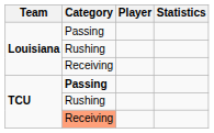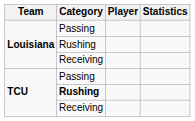 <table class="wikitable" style="float: right;">
 <tr>
 <th>Team</th>
 <th>Category</th>
 <th>Player</th>
 <th>Statistics</th>
 </tr>
 <tr>
 <td rowspan=3><strong>Louisiana</strong></td>
 <td>Passing</td>
 <td></td>
 <td></td>
 </tr>
 <tr>
 <td>Rushing</td>
 <td></td>
 <td></td>
 </tr>
 <tr>
 <td>Receiving</td>
 <td></td>
 <td></td>
 </tr>
 <tr>
 <td rowspan=3><strong>TCU</strong></td>
-<td><strong>Passing</strong></td>
+<td>Passing</td>
 <td></td>
 <td></td>
 </tr>
 <tr>
-<td>Rushing</td>
+<td><strong>Rushing</strong></td>
 <td></td>
 <td></td>
 </tr>
 <tr>
-<td style="background: lightsalmon;">Receiving</td>
+<td>Receiving</td>
 <td></td>
 <td></td>
 </tr>
 </table>
